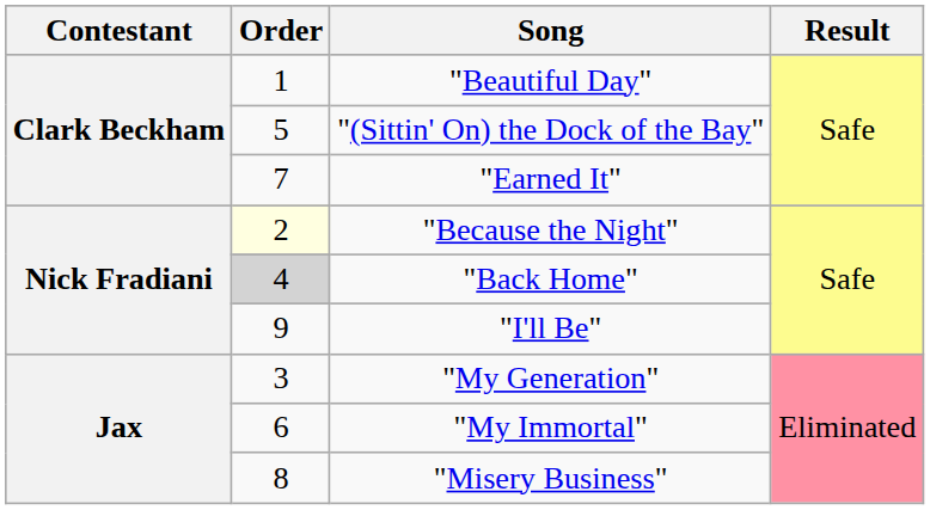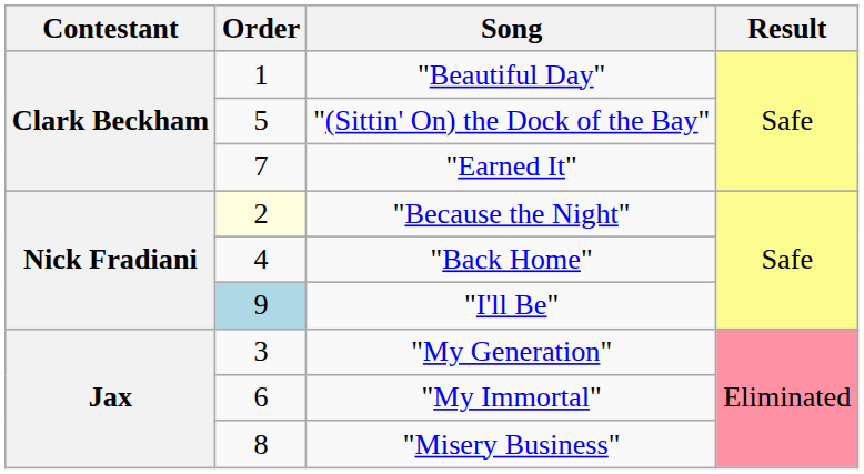 <table class="wikitable unsortable" style="text-align:center;">
 <tr>
 <th scope="col">Contestant</th>
 <th scope="col">Order</th>
 <th scope="col">Song</th>
 <th scope="col">Result</th>
 </tr>
 <tr>
 <th scope="row" rowspan="3">Clark Beckham</th>
 <td>1</td>
 <td>"<a href='#'>Beautiful Day</a>"</td>
 <td rowspan="3" style="background:#fdfc8f;">Safe</td>
 </tr>
 <tr>
 <td>5</td>
 <td>"<a href='#'>(Sittin' On) the Dock of the Bay</a>"</td>
 </tr>
 <tr>
 <td>7</td>
 <td>"<a href='#'>Earned It</a>"</td>
 </tr>
 <tr>
 <th scope="row" rowspan="3">Nick Fradiani</th>
 <td style="background: lightyellow;">2</td>
 <td>"<a href='#'>Because the Night</a>"</td>
 <td rowspan="3" style="background:#fdfc8f;">Safe</td>
 </tr>
 <tr>
-<td style="background: lightgrey;">4</td>
+<td>4</td>
 <td>"<a href='#'>Back Home</a>"</td>
 </tr>
 <tr>
-<td>9</td>
+<td style="background: lightblue;">9</td>
 <td>"<a href='#'>I'll Be</a>"</td>
 </tr>
 <tr>
 <th scope="row" rowspan="3">Jax</th>
 <td>3</td>
 <td>"<a href='#'>My Generation</a>"</td>
 <td rowspan="3" bgcolor="FF91A4">Eliminated</td>
 </tr>
 <tr>
 <td>6</td>
 <td>"<a href='#'>My Immortal</a>"</td>
 </tr>
 <tr>
 <td>8</td>
 <td>"<a href='#'>Misery Business</a>"</td>
 </tr>
 </table>
